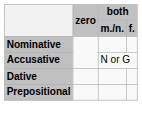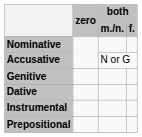 <table class="wikitable" style="display: inline-table;">
 <tr>
 <th rowspan="2"></th>
 <th rowspan="2" style="background:#C0C0C0">zero</th>
 <th colspan="2" style="background:#C0C0C0">both</th>
 </tr>
 <tr>
 <th style="background:#C0C0C0">m./n.</th>
 <th style="background:#C0C0C0">f.</th>
 </tr>
 <tr>
 <td style="background:#C0C0C0"><strong>Nominative</strong></td>
 <td rowspan="2"></td>
 <td></td>
 <td></td>
 </tr>
 <tr>
 <td style="background:#C0C0C0"><strong>Accusative</strong></td>
 <td colspan="2">N or G</td>
 </tr>
 <tr>
+<td style="background:#C0C0C0"><strong>Genitive</strong></td>
+<td></td>
+<td></td>
+<td></td>
+</tr>
+<tr>
 <td style="background:#C0C0C0"><strong>Dative</strong></td>
+<td></td>
+<td></td>
+<td></td>
+</tr>
+<tr>
+<td style="background:#C0C0C0"><strong>Instrumental</strong></td>
 <td></td>
 <td></td>
 <td></td>
 </tr>
 <tr>
 <td style="background:#C0C0C0"><strong>Prepositional</strong></td>
 <td></td>
 <td></td>
 <td></td>
 </tr>
 </table>
